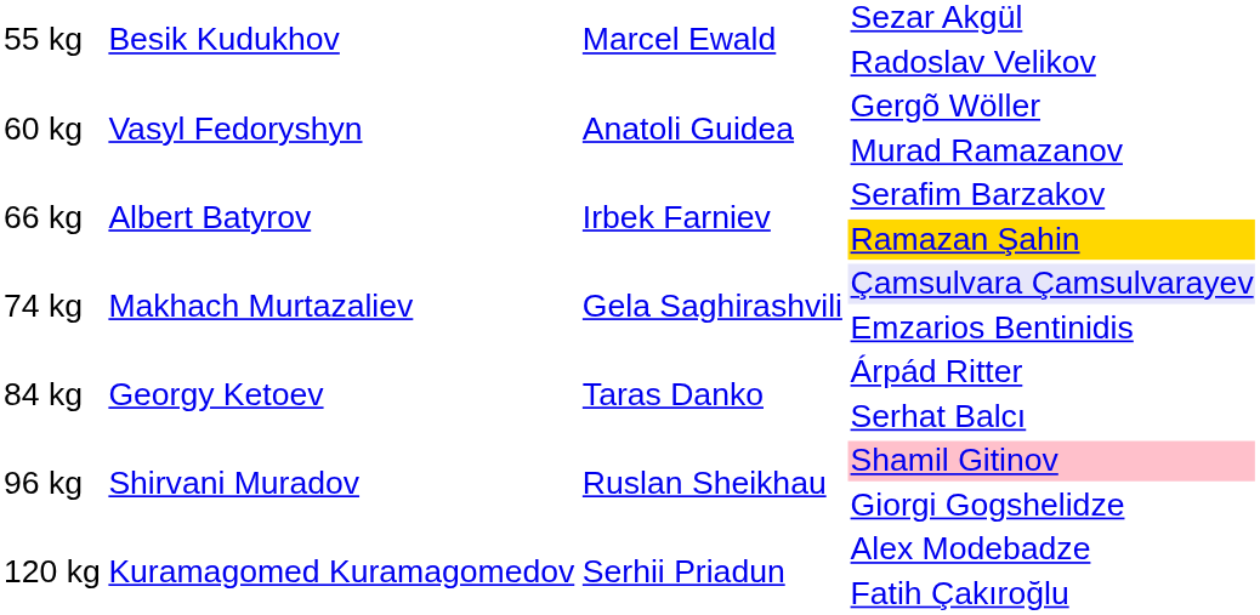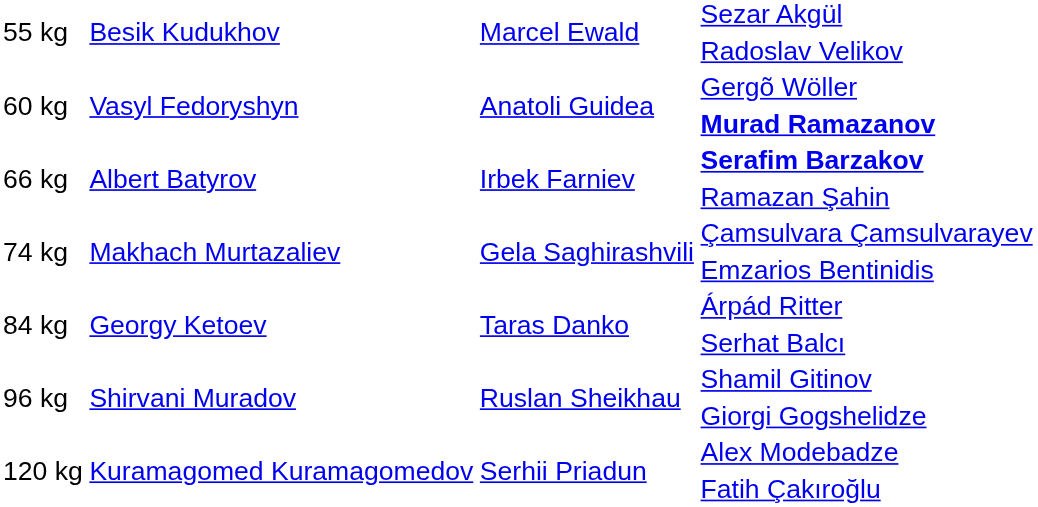 <table>
 <tr>
 <td rowspan=2>55 kg</td>
 <td rowspan=2><a href='#'>Besik Kudukhov</a> <br></td>
 <td rowspan=2><a href='#'>Marcel Ewald</a> <br></td>
 <td><a href='#'>Sezar Akgül</a> <br></td>
 </tr>
 <tr>
 <td><a href='#'>Radoslav Velikov</a> <br></td>
 </tr>
 <tr>
 <td rowspan=2>60 kg</td>
 <td rowspan=2><a href='#'>Vasyl Fedoryshyn</a> <br></td>
 <td rowspan=2><a href='#'>Anatoli Guidea</a> <br></td>
 <td><a href='#'>Gergõ Wöller</a> <br></td>
 </tr>
 <tr>
-<td><a href='#'>Murad Ramazanov</a> <br></td>
+<td><strong><a href='#'>Murad Ramazanov</a> <br></strong></td>
 </tr>
 <tr>
 <td rowspan=2>66 kg</td>
 <td rowspan=2><a href='#'>Albert Batyrov</a> <br></td>
 <td rowspan=2><a href='#'>Irbek Farniev</a> <br></td>
-<td><a href='#'>Serafim Barzakov</a> <br></td>
+<td><strong><a href='#'>Serafim Barzakov</a> <br></strong></td>
 </tr>
 <tr>
-<td style="background: gold;"><a href='#'>Ramazan Şahin</a> <br></td>
+<td><a href='#'>Ramazan Şahin</a> <br></td>
 </tr>
 <tr>
 <td rowspan=2>74 kg</td>
 <td rowspan=2><a href='#'>Makhach Murtazaliev</a> <br></td>
 <td rowspan=2><a href='#'>Gela Saghirashvili</a> <br></td>
-<td style="background: lavender;"><a href='#'>Çamsulvara Çamsulvarayev</a> <br></td>
+<td><a href='#'>Çamsulvara Çamsulvarayev</a> <br></td>
 </tr>
 <tr>
 <td><a href='#'>Emzarios Bentinidis</a> <br></td>
 </tr>
 <tr>
 <td rowspan=2>84 kg</td>
 <td rowspan=2><a href='#'>Georgy Ketoev</a> <br></td>
 <td rowspan=2><a href='#'>Taras Danko</a> <br></td>
 <td><a href='#'>Árpád Ritter</a> <br></td>
 </tr>
 <tr>
 <td><a href='#'>Serhat Balcı</a> <br></td>
 </tr>
 <tr>
 <td rowspan=2>96 kg</td>
 <td rowspan=2><a href='#'>Shirvani Muradov</a> <br></td>
 <td rowspan=2><a href='#'>Ruslan Sheikhau</a> <br></td>
-<td style="background: pink;"><a href='#'>Shamil Gitinov</a> <br></td>
+<td><a href='#'>Shamil Gitinov</a> <br></td>
 </tr>
 <tr>
 <td><a href='#'>Giorgi Gogshelidze</a> <br></td>
 </tr>
 <tr>
 <td rowspan=2>120 kg</td>
 <td rowspan=2><a href='#'>Kuramagomed Kuramagomedov</a> <br></td>
 <td rowspan=2><a href='#'>Serhii Priadun</a> <br></td>
 <td><a href='#'>Alex Modebadze</a> <br></td>
 </tr>
 <tr>
 <td><a href='#'>Fatih Çakıroğlu</a> <br></td>
 </tr>
 </table>
